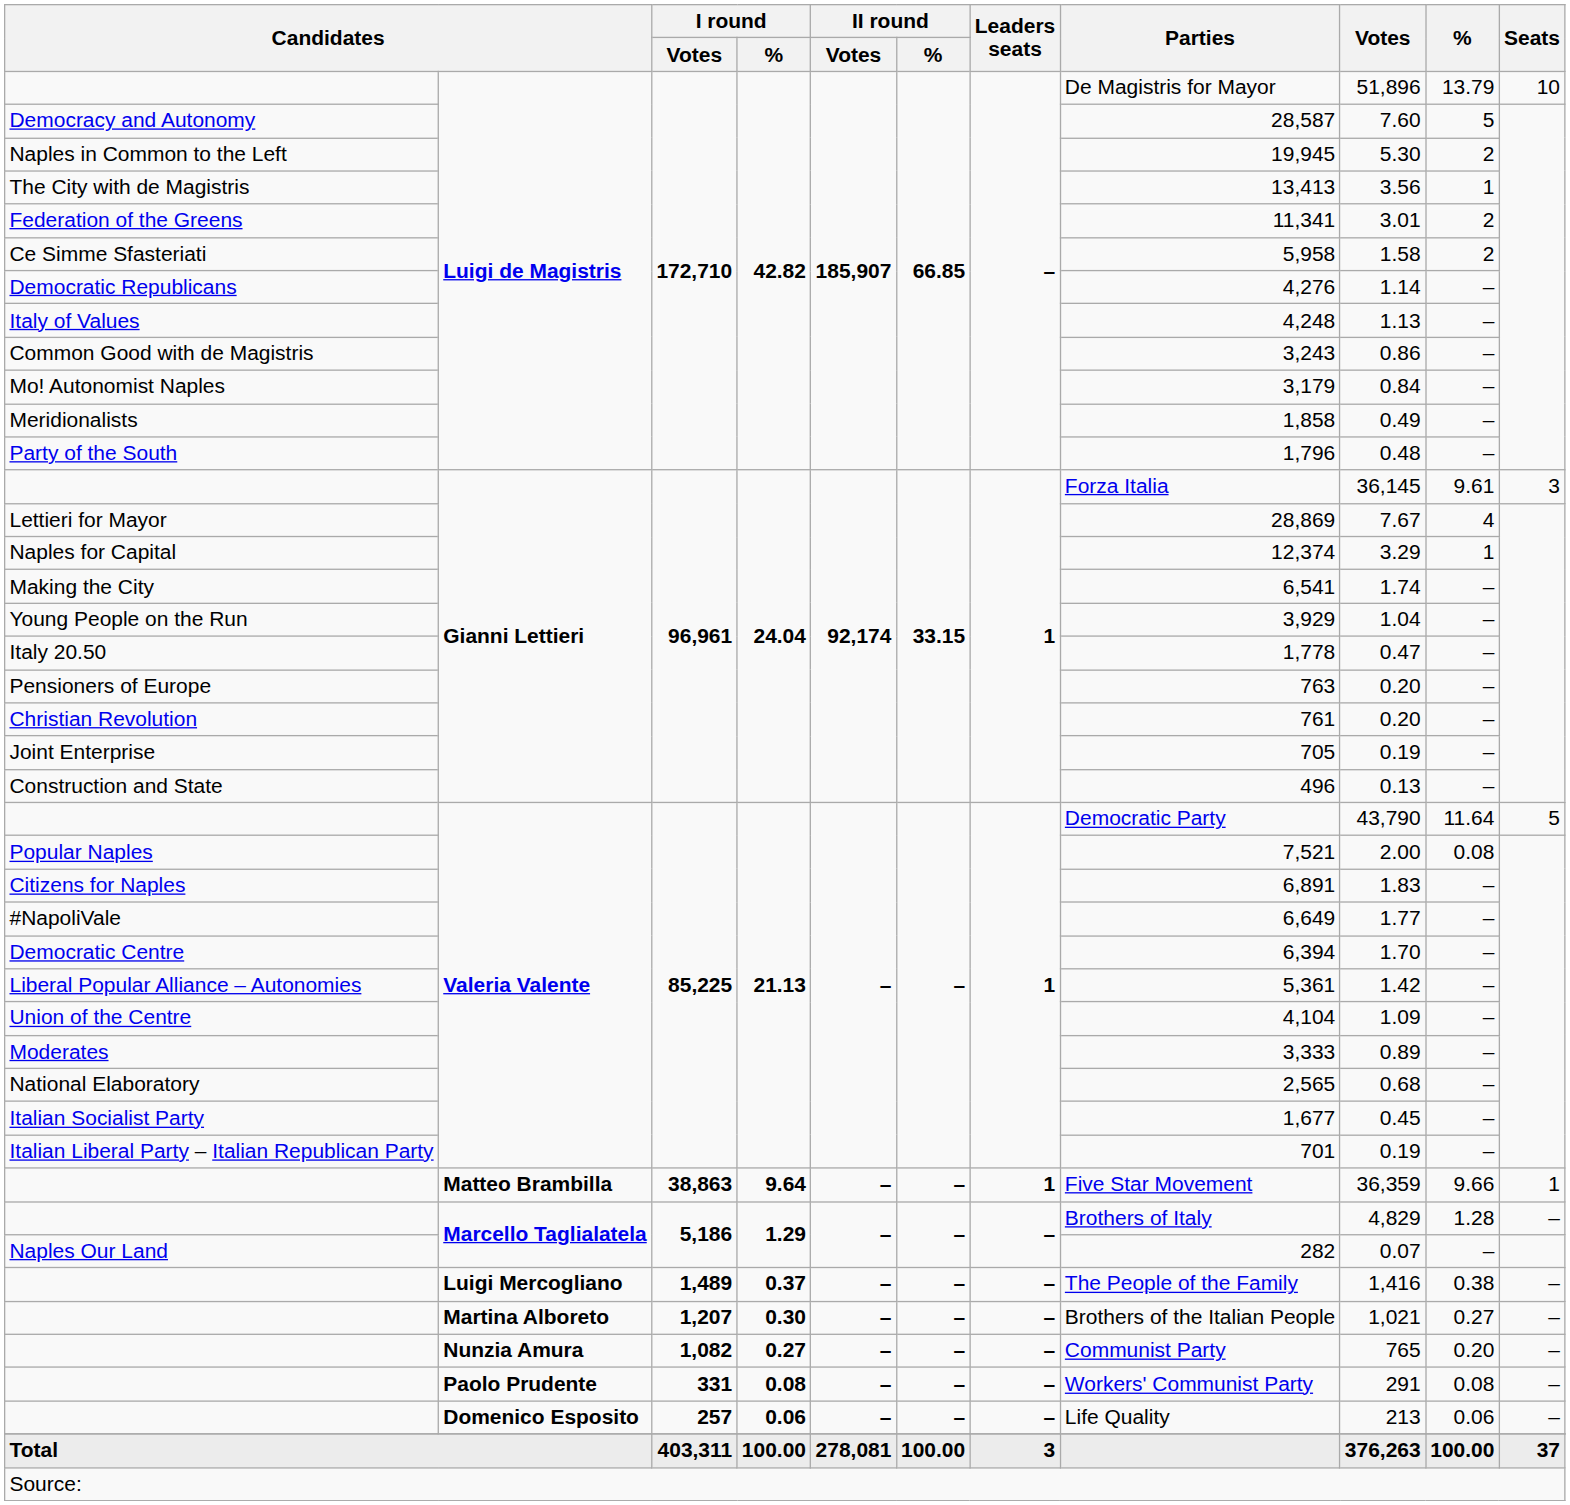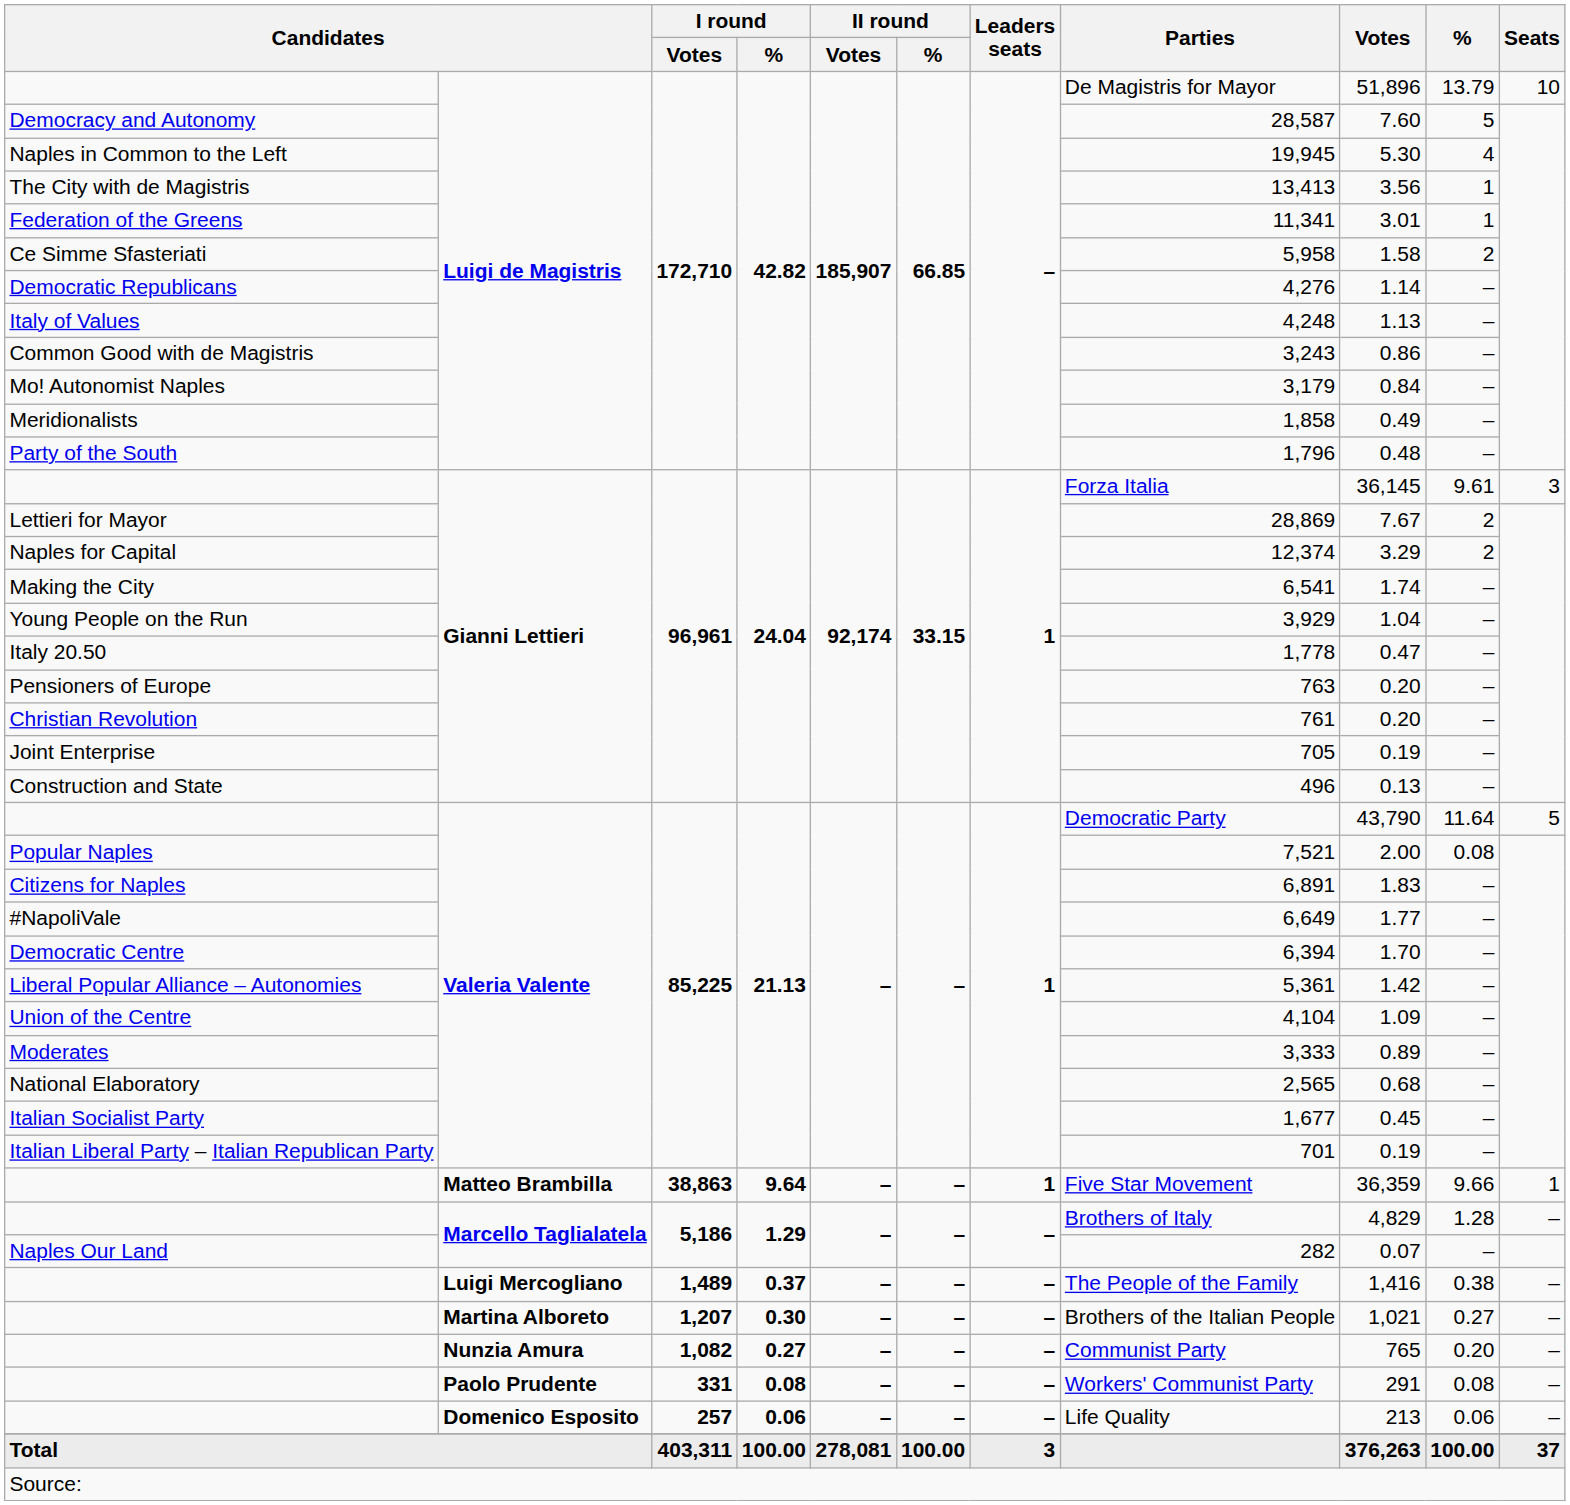 <table class="wikitable" style="text-align:left">
 <tr>
 <th rowspan=2 colspan="2">Candidates</th>
 <th colspan=2>I round</th>
 <th colspan=2>II round</th>
 <th rowspan=2>Leaders<br> seats</th>
 <th rowspan=2>Parties</th>
 <th rowspan=2>Votes</th>
 <th rowspan=2>%</th>
 <th rowspan=2>Seats</th>
 </tr>
 <tr>
 <th>Votes</th>
 <th>%</th>
 <th>Votes</th>
 <th>%</th>
 </tr>
 <tr>
 <td></td>
 <td rowspan=12><strong><a href='#'>Luigi de Magistris</a></strong></td>
 <td rowspan=12 align=right><strong>172,710</strong></td>
 <td rowspan=12 align=right><strong>42.82</strong></td>
 <td rowspan=12 align=right><strong>185,907</strong></td>
 <td rowspan=12 align=right><strong>66.85</strong></td>
 <td rowspan=12 align=right><strong>–</strong></td>
 <td>De Magistris for Mayor</td>
 <td align=right>51,896</td>
 <td align=right>13.79</td>
 <td align=right>10</td>
 </tr>
 <tr>
 <td><a href='#'>Democracy and Autonomy</a></td>
 <td align=right>28,587</td>
 <td align=right>7.60</td>
 <td align=right>5</td>
 </tr>
 <tr>
 <td>Naples in Common to the Left</td>
 <td align=right>19,945</td>
 <td align=right>5.30</td>
-<td align=right>2</td>
+<td align=right>4</td>
 </tr>
 <tr>
 <td>The City with de Magistris</td>
 <td align=right>13,413</td>
 <td align=right>3.56</td>
 <td align=right>1</td>
 </tr>
 <tr>
 <td><a href='#'>Federation of the Greens</a></td>
 <td align=right>11,341</td>
 <td align=right>3.01</td>
-<td align=right>2</td>
+<td align=right>1</td>
 </tr>
 <tr>
 <td>Ce Simme Sfasteriati</td>
 <td align=right>5,958</td>
 <td align=right>1.58</td>
 <td align=right>2</td>
 </tr>
 <tr>
 <td><a href='#'>Democratic Republicans</a></td>
 <td align=right>4,276</td>
 <td align=right>1.14</td>
 <td align=right>–</td>
 </tr>
 <tr>
 <td><a href='#'>Italy of Values</a></td>
 <td align=right>4,248</td>
 <td align=right>1.13</td>
 <td align=right>–</td>
 </tr>
 <tr>
 <td>Common Good with de Magistris</td>
 <td align=right>3,243</td>
 <td align=right>0.86</td>
 <td align=right>–</td>
 </tr>
 <tr>
 <td>Mo! Autonomist Naples</td>
 <td align=right>3,179</td>
 <td align=right>0.84</td>
 <td align=right>–</td>
 </tr>
 <tr>
 <td>Meridionalists</td>
 <td align=right>1,858</td>
 <td align=right>0.49</td>
 <td align=right>–</td>
 </tr>
 <tr>
 <td><a href='#'>Party of the South</a></td>
 <td align=right>1,796</td>
 <td align=right>0.48</td>
 <td align=right>–</td>
 </tr>
 <tr>
 <td></td>
 <td rowspan=10><strong>Gianni Lettieri</strong></td>
 <td rowspan=10 align=right><strong>96,961</strong></td>
 <td rowspan=10 align=right><strong>24.04</strong></td>
 <td rowspan=10 align=right><strong>92,174</strong></td>
 <td rowspan=10 align=right><strong>33.15</strong></td>
 <td rowspan=10 align=right><strong>1</strong></td>
 <td><a href='#'>Forza Italia</a></td>
 <td align=right>36,145</td>
 <td align=right>9.61</td>
 <td align=right>3</td>
 </tr>
 <tr>
 <td>Lettieri for Mayor</td>
 <td align=right>28,869</td>
 <td align=right>7.67</td>
-<td align=right>4</td>
+<td align=right>2</td>
 </tr>
 <tr>
 <td>Naples for Capital</td>
 <td align=right>12,374</td>
 <td align=right>3.29</td>
-<td align=right>1</td>
+<td align=right>2</td>
 </tr>
 <tr>
 <td>Making the City</td>
 <td align=right>6,541</td>
 <td align=right>1.74</td>
 <td align=right>–</td>
 </tr>
 <tr>
 <td>Young People on the Run</td>
 <td align=right>3,929</td>
 <td align=right>1.04</td>
 <td align=right>–</td>
 </tr>
 <tr>
 <td>Italy 20.50</td>
 <td align=right>1,778</td>
 <td align=right>0.47</td>
 <td align=right>–</td>
 </tr>
 <tr>
 <td>Pensioners of Europe</td>
 <td align=right>763</td>
 <td align=right>0.20</td>
 <td align=right>–</td>
 </tr>
 <tr>
 <td><a href='#'>Christian Revolution</a></td>
 <td align=right>761</td>
 <td align=right>0.20</td>
 <td align=right>–</td>
 </tr>
 <tr>
 <td>Joint Enterprise</td>
 <td align=right>705</td>
 <td align=right>0.19</td>
 <td align=right>–</td>
 </tr>
 <tr>
 <td>Construction and State</td>
 <td align=right>496</td>
 <td align=right>0.13</td>
 <td align=right>–</td>
 </tr>
 <tr>
 <td></td>
 <td rowspan=11><strong><a href='#'>Valeria Valente</a></strong></td>
 <td rowspan=11 align=right><strong>85,225</strong></td>
 <td rowspan=11 align=right><strong>21.13</strong></td>
 <td rowspan=11 align=right><strong>–</strong></td>
 <td rowspan=11 align=right><strong>–</strong></td>
 <td rowspan=11 align=right><strong>1</strong></td>
 <td><a href='#'>Democratic Party</a></td>
 <td align=right>43,790</td>
 <td align=right>11.64</td>
 <td align=right>5</td>
 </tr>
 <tr>
 <td><a href='#'>Popular Naples</a></td>
 <td align=right>7,521</td>
 <td align=right>2.00</td>
 <td align=right>0.08</td>
 </tr>
 <tr>
 <td><a href='#'>Citizens for Naples</a></td>
 <td align=right>6,891</td>
 <td align=right>1.83</td>
 <td align=right>–</td>
 </tr>
 <tr>
 <td>#NapoliVale</td>
 <td align=right>6,649</td>
 <td align=right>1.77</td>
 <td align=right>–</td>
 </tr>
 <tr>
 <td><a href='#'>Democratic Centre</a></td>
 <td align=right>6,394</td>
 <td align=right>1.70</td>
 <td align=right>–</td>
 </tr>
 <tr>
 <td><a href='#'>Liberal Popular Alliance – Autonomies</a></td>
 <td align=right>5,361</td>
 <td align=right>1.42</td>
 <td align=right>–</td>
 </tr>
 <tr>
 <td><a href='#'>Union of the Centre</a></td>
 <td align=right>4,104</td>
 <td align=right>1.09</td>
 <td align=right>–</td>
 </tr>
 <tr>
 <td><a href='#'>Moderates</a></td>
 <td align=right>3,333</td>
 <td align=right>0.89</td>
 <td align=right>–</td>
 </tr>
 <tr>
 <td>National Elaboratory</td>
 <td align=right>2,565</td>
 <td align=right>0.68</td>
 <td align=right>–</td>
 </tr>
 <tr>
 <td><a href='#'>Italian Socialist Party</a></td>
 <td align=right>1,677</td>
 <td align=right>0.45</td>
 <td align=right>–</td>
 </tr>
 <tr>
 <td><a href='#'>Italian Liberal Party</a> – <a href='#'>Italian Republican Party</a></td>
 <td align=right>701</td>
 <td align=right>0.19</td>
 <td align=right>–</td>
 </tr>
 <tr>
 <td></td>
 <td><strong>Matteo Brambilla</strong></td>
 <td align=right><strong>38,863</strong></td>
 <td align=right><strong>9.64</strong></td>
 <td align=right><strong>–</strong></td>
 <td align=right><strong>–</strong></td>
 <td align=right><strong>1</strong></td>
 <td><a href='#'>Five Star Movement</a></td>
 <td align=right>36,359</td>
 <td align=right>9.66</td>
 <td align=right>1</td>
 </tr>
 <tr>
 <td></td>
 <td rowspan=2><strong><a href='#'>Marcello Taglialatela</a></strong></td>
 <td rowspan=2 align=right><strong>5,186</strong></td>
 <td rowspan=2 align=right><strong>1.29</strong></td>
 <td rowspan=2 align=right><strong>–</strong></td>
 <td rowspan=2 align=right><strong>–</strong></td>
 <td rowspan=2 align=right><strong>–</strong></td>
 <td><a href='#'>Brothers of Italy</a></td>
 <td align=right>4,829</td>
 <td align=right>1.28</td>
 <td align=right>–</td>
 </tr>
 <tr>
 <td><a href='#'>Naples Our Land</a></td>
 <td align=right>282</td>
 <td align=right>0.07</td>
 <td align=right>–</td>
 </tr>
 <tr>
 <td></td>
 <td><strong>Luigi Mercogliano</strong></td>
 <td align=right><strong>1,489</strong></td>
 <td align=right><strong>0.37</strong></td>
 <td align=right><strong>–</strong></td>
 <td align=right><strong>–</strong></td>
 <td align=right><strong>–</strong></td>
 <td><a href='#'>The People of the Family</a></td>
 <td align=right>1,416</td>
 <td align=right>0.38</td>
 <td align=right>–</td>
 </tr>
 <tr>
 <td></td>
 <td><strong>Martina Alboreto</strong></td>
 <td align=right><strong>1,207</strong></td>
 <td align=right><strong>0.30</strong></td>
 <td align=right><strong>–</strong></td>
 <td align=right><strong>–</strong></td>
 <td align=right><strong>–</strong></td>
 <td>Brothers of the Italian People</td>
 <td align=right>1,021</td>
 <td align=right>0.27</td>
 <td align=right>–</td>
 </tr>
 <tr>
 <td></td>
 <td><strong>Nunzia Amura</strong></td>
 <td align=right><strong>1,082</strong></td>
 <td align=right><strong>0.27</strong></td>
 <td align=right><strong>–</strong></td>
 <td align=right><strong>–</strong></td>
 <td align=right><strong>–</strong></td>
 <td><a href='#'>Communist Party</a></td>
 <td align=right>765</td>
 <td align=right>0.20</td>
 <td align=right>–</td>
 </tr>
 <tr>
 <td></td>
 <td><strong>Paolo Prudente</strong></td>
 <td align=right><strong>331</strong></td>
 <td align=right><strong>0.08</strong></td>
 <td align=right><strong>–</strong></td>
 <td align=right><strong>–</strong></td>
 <td align=right><strong>–</strong></td>
 <td><a href='#'>Workers' Communist Party</a></td>
 <td align=right>291</td>
 <td align=right>0.08</td>
 <td align=right>–</td>
 </tr>
 <tr>
 <td></td>
 <td><strong>Domenico Esposito</strong></td>
 <td align=right><strong>257</strong></td>
 <td align=right><strong>0.06</strong></td>
 <td align=right><strong>–</strong></td>
 <td align=right><strong>–</strong></td>
 <td align=right><strong>–</strong></td>
 <td>Life Quality</td>
 <td align=right>213</td>
 <td align=right>0.06</td>
 <td align=right>–</td>
 </tr>
 <tr>
 </tr>
 <tr bgcolor=ececec>
 <td colspan="2"><strong>Total</strong></td>
 <td align=right><strong>403,311</strong></td>
 <td align=right><strong>100.00</strong></td>
 <td align=right><strong>278,081</strong></td>
 <td align=right><strong>100.00</strong></td>
 <td align=right><strong>3</strong></td>
 <td align=right></td>
 <td align=right><strong>376,263</strong></td>
 <td align=right><strong>100.00</strong></td>
 <td align=right><strong>37</strong></td>
 </tr>
 <tr>
 <td style="text-align:left;" colspan="11">Source: </td>
 </tr>
 </table>
